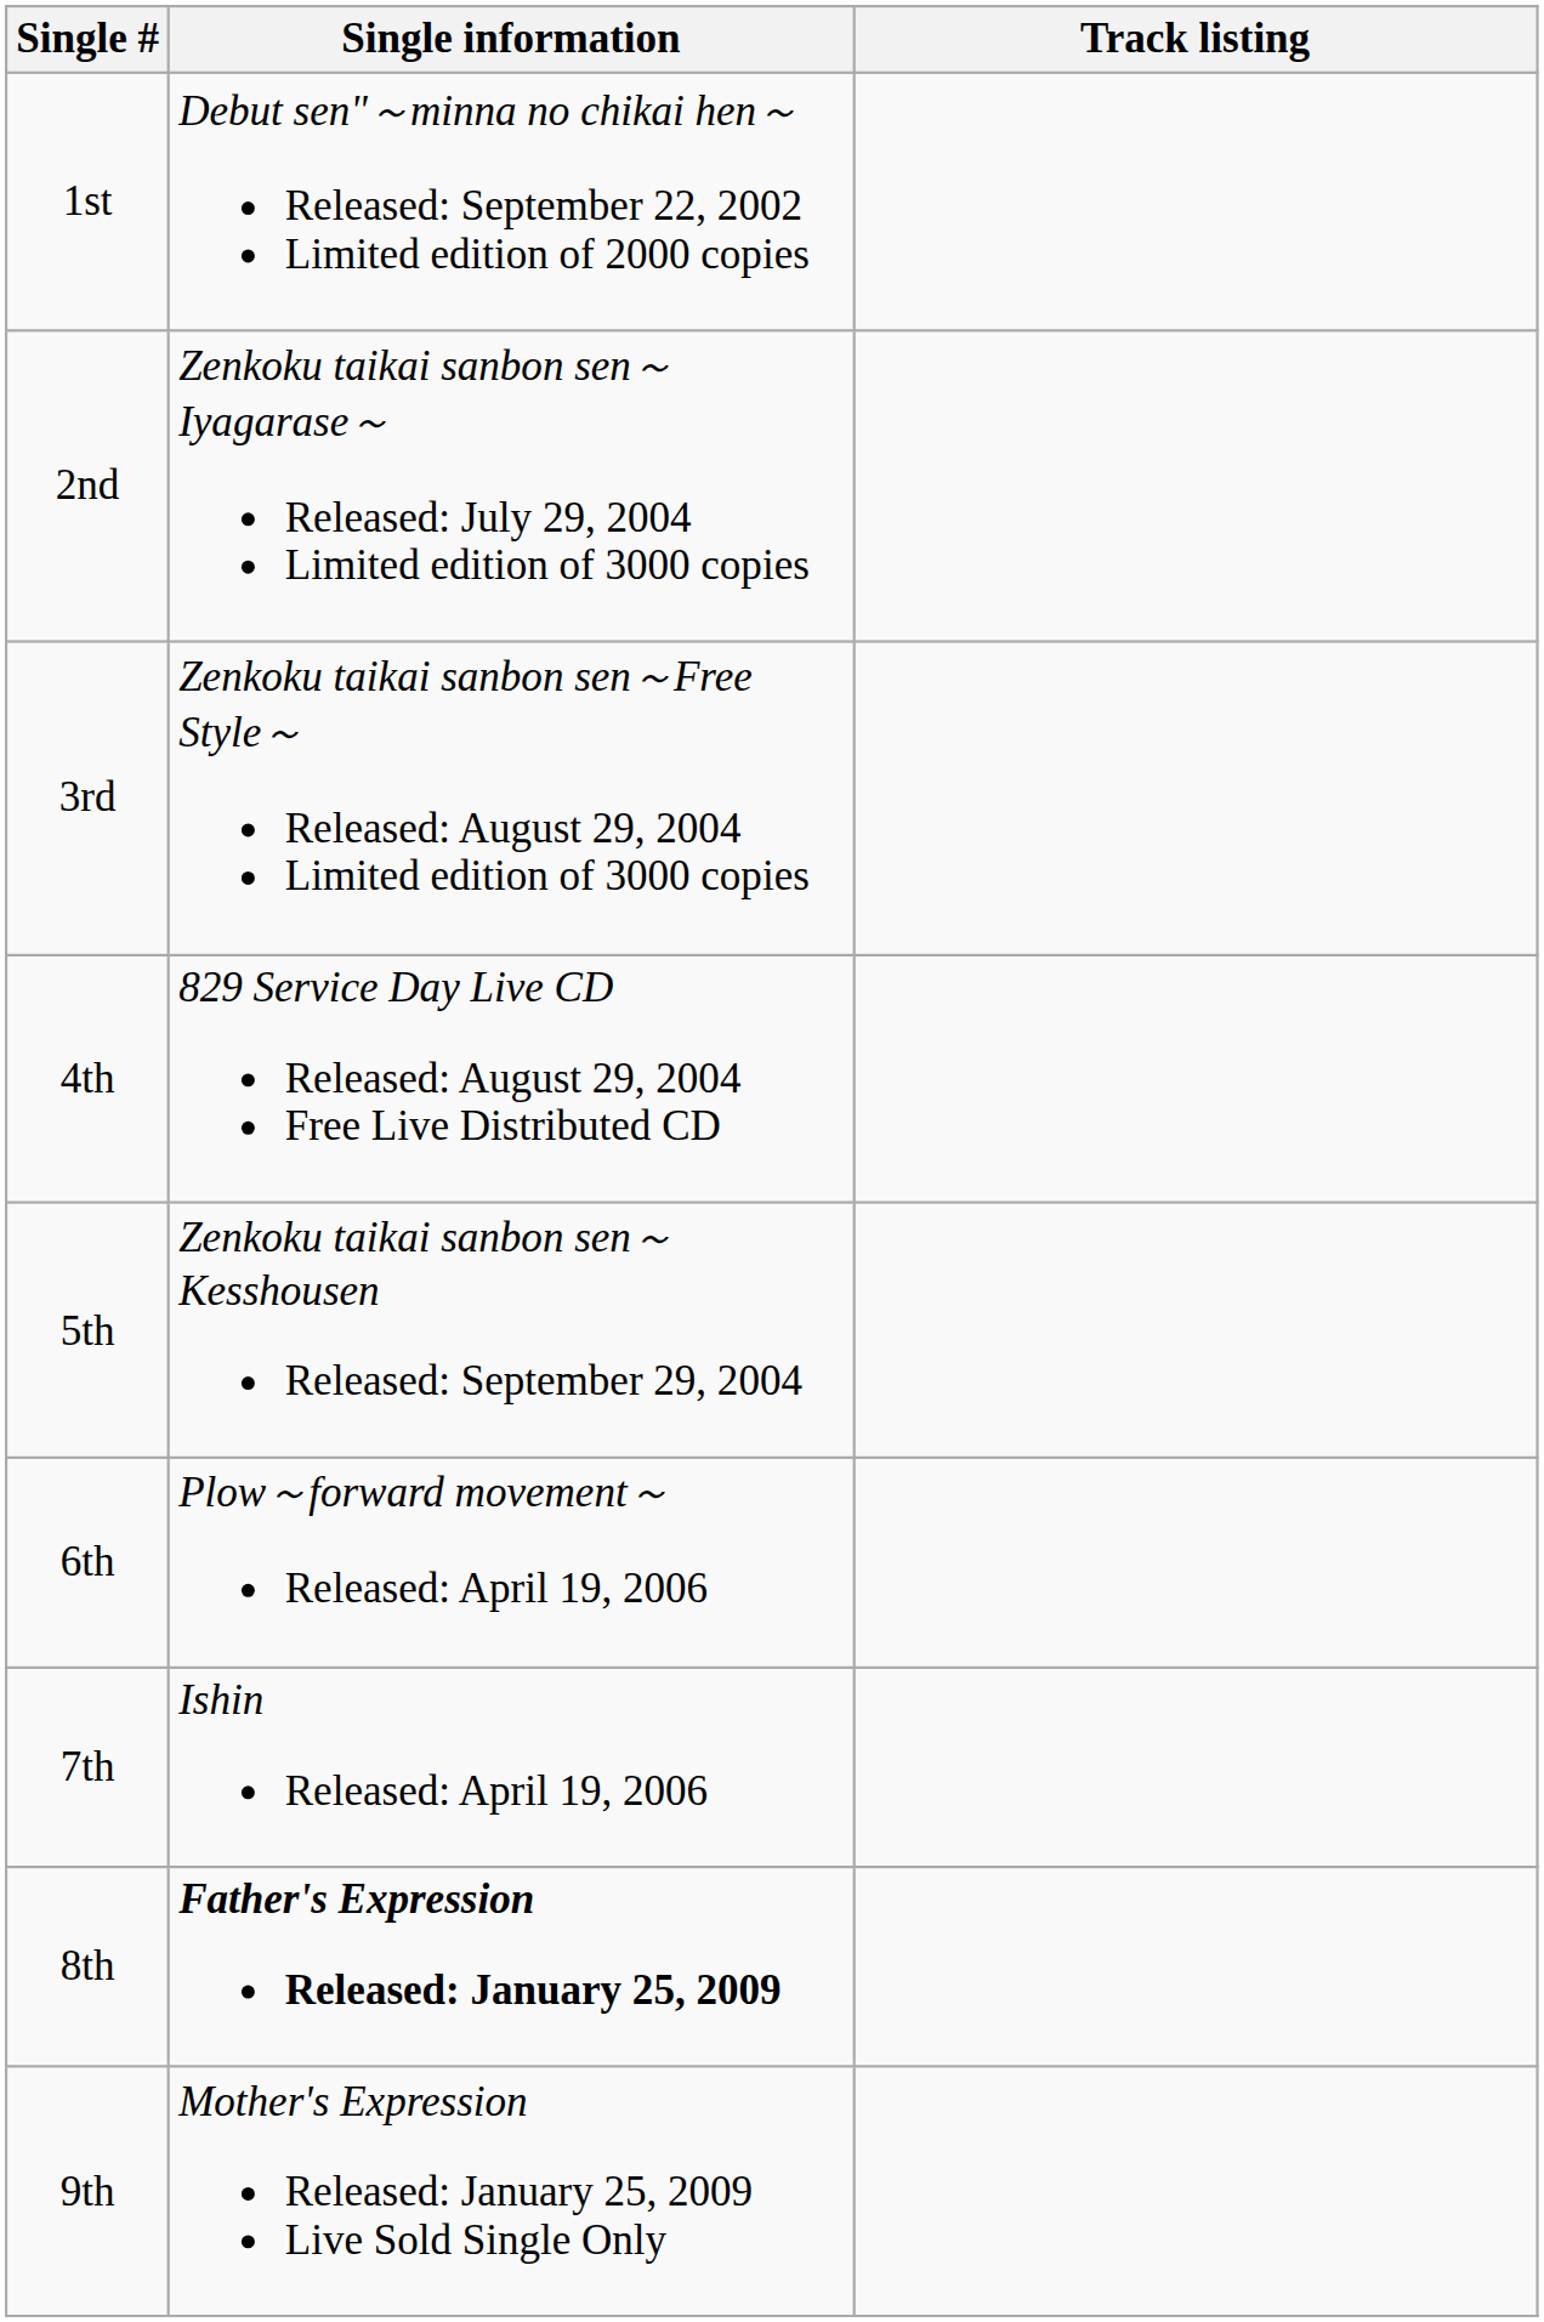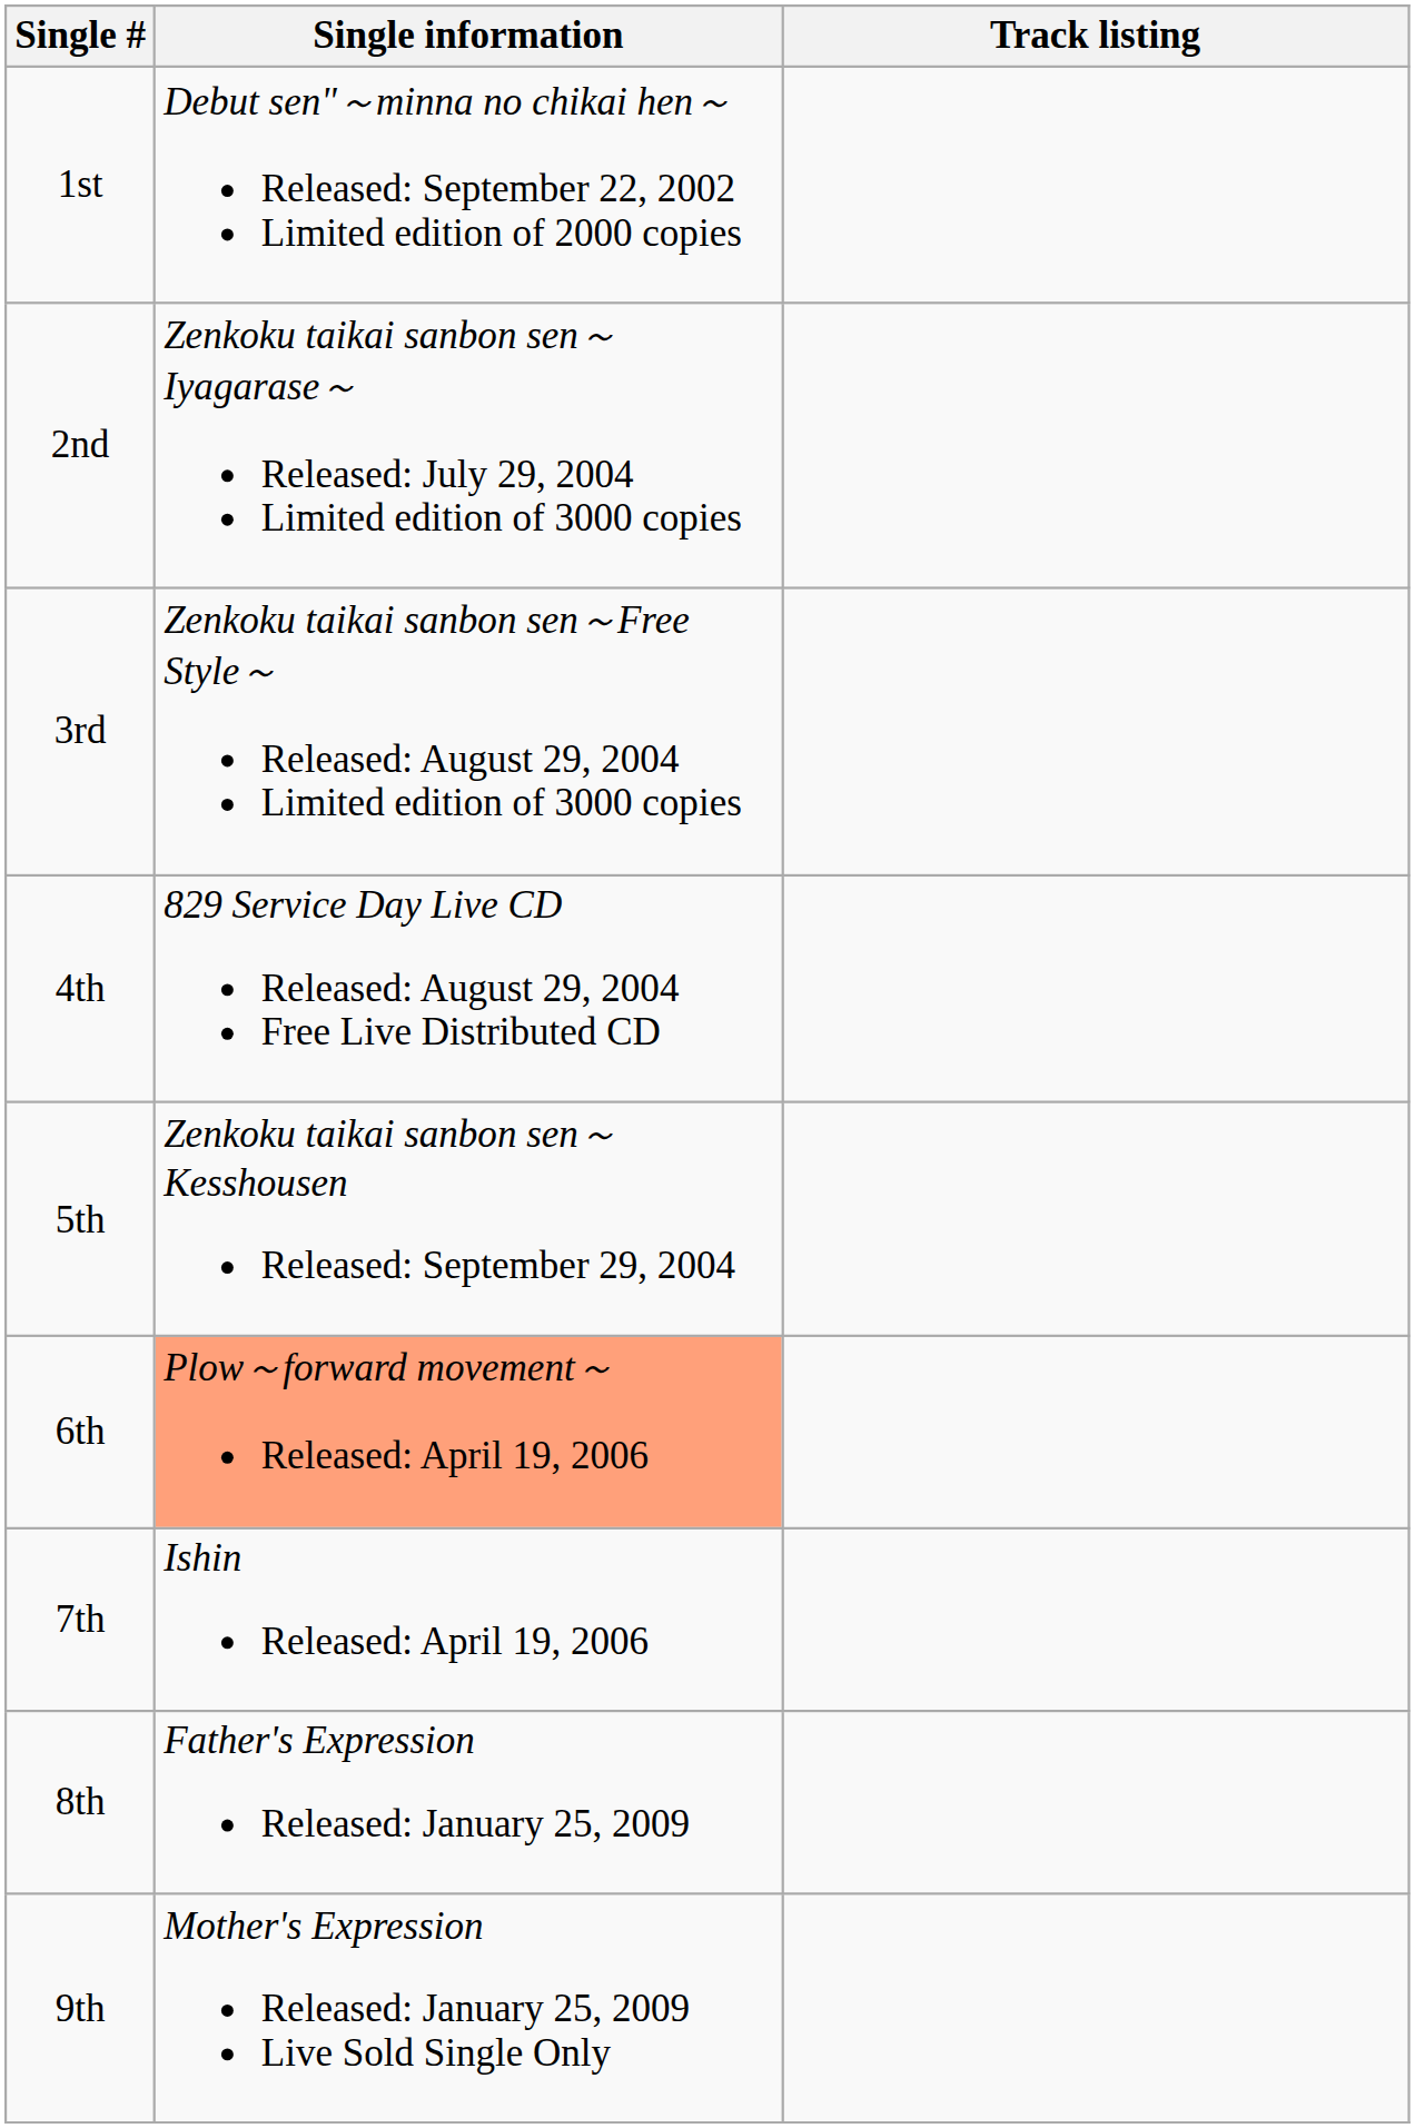 <table class="wikitable">
 <tr>
 <th align="left">Single #</th>
 <th align="left" width="250px">Single information</th>
 <th align="left" width="250px">Track listing</th>
 </tr>
 <tr>
 <td align="center">1st</td>
 <td align="left"><em>Debut sen"～minna no chikai hen～</em><br><ul><li>Released: September 22, 2002</li><li>Limited edition of 2000 copies</li></ul></td>
 <td align="left" style="font-size: 85%;"></td>
 </tr>
 <tr>
 <td align="center">2nd</td>
 <td align="left"><em>Zenkoku taikai sanbon sen～Iyagarase～</em><br><ul><li>Released: July 29, 2004</li><li>Limited edition of 3000 copies</li></ul></td>
 <td align="left" style="font-size: 85%;"></td>
 </tr>
 <tr>
 <td align="center">3rd</td>
 <td align="left"><em>Zenkoku taikai sanbon sen～Free Style～</em><br><ul><li>Released: August 29, 2004</li><li>Limited edition of 3000 copies</li></ul></td>
 <td align="left" style="font-size: 85%;"></td>
 </tr>
 <tr>
 <td align="center">4th</td>
 <td align="left"><em>829 Service Day Live CD</em><br><ul><li>Released: August 29, 2004</li><li>Free Live Distributed CD</li></ul></td>
 <td align="left" style="font-size: 85%;"></td>
 </tr>
 <tr>
 <td align="center">5th</td>
 <td align="left"><em>Zenkoku taikai sanbon sen～Kesshousen</em><br><ul><li>Released: September 29, 2004</li></ul></td>
 <td align="left" style="font-size: 85%;"></td>
 </tr>
 <tr>
 <td align="center">6th</td>
-<td align="left"><em>Plow～forward movement～</em><br><ul><li>Released: April 19, 2006</li></ul></td>
+<td align="left" style="background: lightsalmon;"><em>Plow～forward movement～</em><br><ul><li>Released: April 19, 2006</li></ul></td>
 <td align="left" style="font-size: 85%;"></td>
 </tr>
 <tr>
 <td align="center">7th</td>
 <td align="left"><em>Ishin</em><br><ul><li>Released: April 19, 2006</li></ul></td>
 <td align="left" style="font-size: 85%;"></td>
 </tr>
 <tr>
 <td align="center">8th</td>
-<td align="left"><strong><em>Father's Expression</em><br><ul><li>Released: January 25, 2009</li></ul></strong></td>
+<td align="left"><em>Father's Expression</em><br><ul><li>Released: January 25, 2009</li></ul></td>
 <td align="left" style="font-size: 85%;"></td>
 </tr>
 <tr>
 <td align="center">9th</td>
 <td align="left"><em>Mother's Expression</em><br><ul><li>Released: January 25, 2009</li><li>Live Sold Single Only</li></ul></td>
 <td align="left" style="font-size: 85%;"></td>
 </tr>
 <tr>
 </tr>
 </table>
